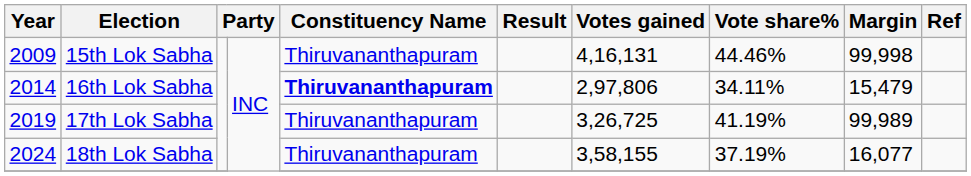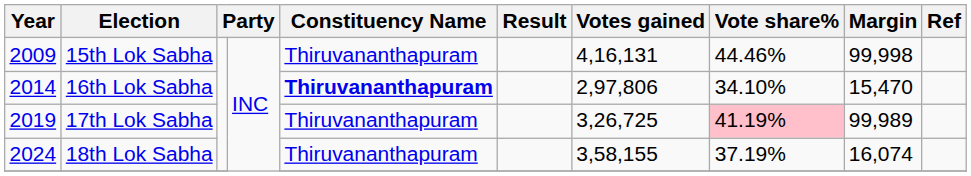 <table class="wikitable">
 <tr>
 <th>Year</th>
 <th>Election</th>
 <th colspan="2">Party</th>
 <th>Constituency Name</th>
 <th>Result</th>
 <th>Votes gained</th>
 <th>Vote share%</th>
 <th>Margin</th>
 <th>Ref</th>
 </tr>
 <tr>
 <td><a href='#'>2009</a></td>
 <td><a href='#'>15th Lok Sabha</a></td>
 <td rowspan="4" style="background-color: "></td>
 <td rowspan="5"><a href='#'>INC</a> </td>
 <td><a href='#'>Thiruvananthapuram</a></td>
 <td></td>
 <td>4,16,131</td>
 <td>44.46%</td>
 <td>99,998</td>
 <td></td>
 </tr>
 <tr>
 <td><a href='#'>2014</a></td>
 <td><a href='#'>16th Lok Sabha</a></td>
 <td><strong><a href='#'>Thiruvananthapuram</a></strong></td>
 <td></td>
 <td>2,97,806</td>
-<td>34.11%</td>
-<td>15,479</td>
+<td>34.10%</td>
+<td>15,470</td>
 <td></td>
 </tr>
 <tr>
 <td><a href='#'>2019</a></td>
 <td><a href='#'>17th Lok Sabha</a></td>
 <td><a href='#'>Thiruvananthapuram</a></td>
 <td></td>
 <td>3,26,725</td>
-<td>41.19%</td>
+<td style="background: pink;">41.19%</td>
 <td>99,989</td>
 <td></td>
 </tr>
 <tr>
 <td><a href='#'>2024</a></td>
 <td><a href='#'>18th Lok Sabha</a></td>
 <td><a href='#'>Thiruvananthapuram</a></td>
 <td></td>
 <td>3,58,155</td>
 <td>37.19%</td>
-<td>16,077</td>
+<td>16,074</td>
 <td></td>
 </tr>
 <tr>
 </tr>
 </table>
